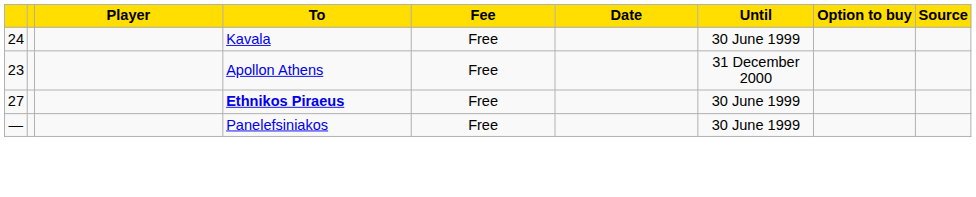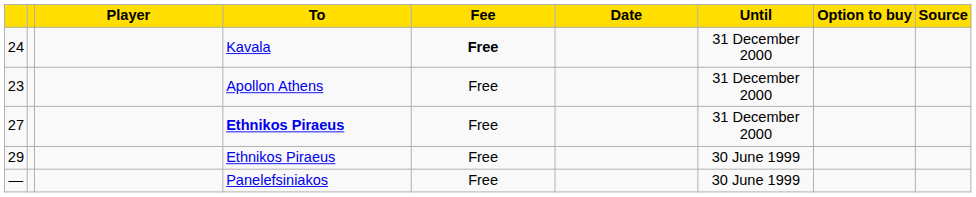 <table class="wikitable sortable">
 <tr>
 <th style="background:#FFDE00"></th>
 <th style="background:#FFDE00"></th>
 <th width=200 style="background:#FFDE00">Player</th>
 <th width=200 style="background:#FFDE00">To</th>
 <th width=150 style="background:#FFDE00">Fee</th>
 <th width=150 style="background:#FFDE00">Date</th>
 <th width=120 style="background:#FFDE00">Until</th>
 <th style="background:#FFDE00">Option to buy</th>
 <th style="background:#FFDE00">Source</th>
 </tr>
 <tr>
 <td align=center>24</td>
 <td align=center></td>
 <td></td>
 <td> <a href='#'>Kavala</a></td>
-<td align=center>Free</td>
+<td align=center><strong>Free</strong></td>
 <td align=center></td>
-<td align=center>30 June 1999</td>
+<td align=center>31 December 2000</td>
 <td align=center></td>
 <td align=center></td>
 </tr>
 <tr>
 <td align=center>23</td>
 <td align=center></td>
 <td></td>
 <td> <a href='#'>Apollon Athens</a></td>
 <td align=center>Free</td>
 <td align=center></td>
 <td align=center>31 December 2000</td>
 <td align=center></td>
 <td align=center></td>
 </tr>
 <tr>
 <td align=center>27</td>
 <td align=center></td>
 <td></td>
 <td><strong> <a href='#'>Ethnikos Piraeus</a></strong></td>
 <td align=center>Free</td>
 <td align=center></td>
+<td align=center>31 December 2000</td>
+<td align=center></td>
+<td align=center></td>
+</tr>
+<tr>
+<td align=center>29</td>
+<td align=center></td>
+<td></td>
+<td> <a href='#'>Ethnikos Piraeus</a></td>
+<td align=center>Free</td>
+<td align=center></td>
 <td align=center>30 June 1999</td>
 <td align=center></td>
 <td align=center></td>
 </tr>
 <tr>
 <td align=center>—</td>
 <td align=center></td>
 <td></td>
 <td> <a href='#'>Panelefsiniakos</a></td>
 <td align=center>Free</td>
 <td align=center></td>
 <td align=center>30 June 1999</td>
 <td align=center></td>
 <td align=center></td>
 </tr>
 </table>
